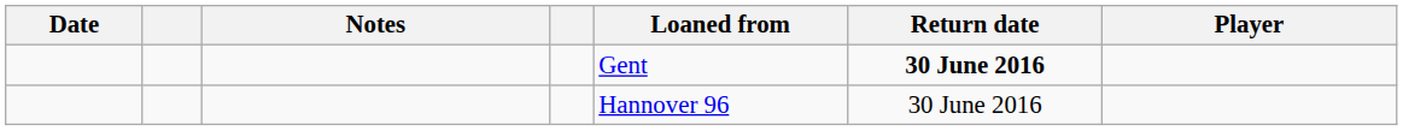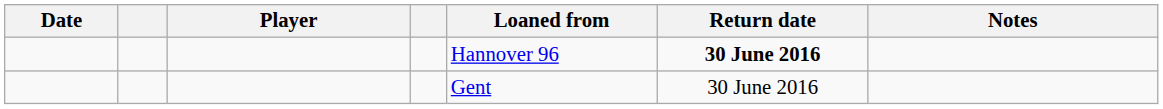 <table class="wikitable sortable">
 <tr>
 <th style="width:80px;">Date</th>
 <th style="width:30px;"></th>
-<th style="width:215px;" class="unsortable">Notes</th>
+<th style="width:180px;">Player</th>
 <th style="width:20px;"></th>
 <th style="width:155px;">Loaned from</th>
 <th style="width:155px;" class="unsortable">Return date</th>
-<th style="width:180px;">Player</th>
+<th style="width:215px;" class="unsortable">Notes</th>
 </tr>
 <tr>
 <td></td>
 <td align=center></td>
+<td> </td>
+<td></td>
+<td> <a href='#'>Hannover 96</a></td>
+<td align=center><strong>30 June 2016</strong></td>
 <td align=center></td>
-<td></td>
-<td> <a href='#'>Gent</a></td>
-<td align=center><strong>30 June 2016</strong></td>
-<td> </td>
 </tr>
 <tr>
 <td></td>
 <td align=center></td>
+<td> </td>
+<td></td>
+<td> <a href='#'>Gent</a></td>
+<td align=center>30 June 2016</td>
 <td align=center></td>
-<td></td>
-<td> <a href='#'>Hannover 96</a></td>
-<td align=center>30 June 2016</td>
-<td> </td>
 </tr>
 </table>
